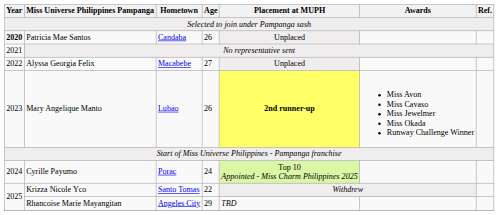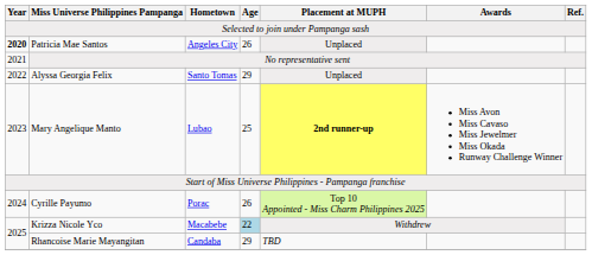 <table class="wikitable sortable" style="font-size:80%;">
 <tr>
 <th>Year</th>
 <th>Miss Universe Philippines Pampanga</th>
 <th>Hometown</th>
 <th>Age</th>
 <th>Placement at MUPH</th>
 <th>Awards</th>
 <th>Ref.</th>
 </tr>
 <tr>
 <td colspan="7" align="center" bgcolor="#EFEDED"><em>Selected to join under Pampanga sash</em></td>
 </tr>
 <tr>
 <td><strong>2020</strong></td>
 <td>Patricia Mae Santos</td>
-<td><a href='#'>Candaba</a></td>
+<td><a href='#'>Angeles City</a></td>
 <td>26</td>
 <td align="center" bgcolor="#EFEDED">Unplaced</td>
 <td></td>
 <td></td>
 </tr>
 <tr>
 <td>2021</td>
 <td colspan="6" align="center" bgcolor="#EFEDED"><em>No representative sent</em></td>
 </tr>
 <tr>
 <td>2022</td>
 <td>Alyssa Georgia Felix</td>
-<td><a href='#'>Macabebe</a></td>
-<td>27</td>
+<td><a href='#'>Santo Tomas</a></td>
+<td>29</td>
 <td align="center" bgcolor="#EFEDED">Unplaced</td>
 <td></td>
 <td></td>
 </tr>
 <tr>
 <td>2023</td>
 <td>Mary Angelique Manto</td>
 <td><a href='#'>Lubao</a></td>
-<td>26</td>
+<td>25</td>
 <td align="center" bgcolor="#ffff66"><strong>2nd runner-up</strong></td>
 <td><br><ul><li>Miss Avon</li><li>Miss Cavaso</li><li>Miss Jewelmer</li><li>Miss Okada</li><li>Runway Challenge Winner</li></ul></td>
 <td></td>
 </tr>
 <tr>
 <td colspan="7" align="center" bgcolor="#EFEDED"><em>Start of Miss Universe Philippines - Pampanga franchise</em></td>
 </tr>
 <tr>
 <td>2024</td>
 <td>Cyrille Payumo</td>
 <td><a href='#'>Porac</a></td>
-<td>24</td>
+<td>26</td>
 <td align="center" bgcolor="#DAF7A6">Top 10 <br><em>Appointed - Miss Charm Philippines 2025</em></td>
 <td></td>
 <td></td>
 </tr>
 <tr>
 <td rowspan="2">2025</td>
 <td>Krizza Nicole Yco</td>
-<td><a href='#'>Santo Tomas</a></td>
-<td>22</td>
+<td><a href='#'>Macabebe</a></td>
+<td style="background: lightblue;">22</td>
 <td colspan="2" align="center" bgcolor="#EFEDED"><em>Withdrew</em></td>
 <td></td>
 </tr>
 <tr>
 <td>Rhancoise Marie Mayangitan</td>
-<td><a href='#'>Angeles City</a></td>
+<td><a href='#'>Candaba</a></td>
 <td>29</td>
 <td><em>TBD</em></td>
 <td></td>
 <td></td>
 </tr>
 <tr>
 </tr>
 </table>
